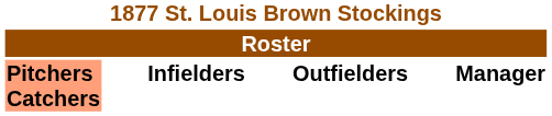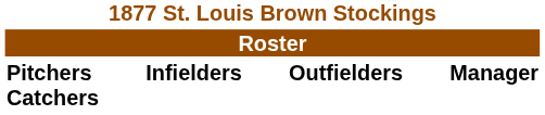 <table class="toccolours" style="font-size: 95%;">
 <tr>
 <th colspan="10" style="background-color: C4C3D0; color: #964B00; text-align: center;">1877 St. Louis Brown Stockings</th>
 </tr>
 <tr>
 <td colspan="10" style="background-color: #964B00; color: white; text-align: center;"><strong>Roster</strong></td>
 </tr>
 <tr>
-<td valign="top" style="background: lightsalmon;"><strong>Pitchers</strong><br> <strong>Catchers</strong> </td>
+<td valign="top"><strong>Pitchers</strong><br> <strong>Catchers</strong> </td>
 <td width="25px"></td>
 <td valign="top"><strong>Infielders</strong><br>      </td>
 <td width="25px"></td>
 <td valign="top"><strong>Outfielders</strong><br>       </td>
 <td width="25px"></td>
 <td valign="top"><strong>Manager</strong><br></td>
 </tr>
 <tr>
 </tr>
 </table>
